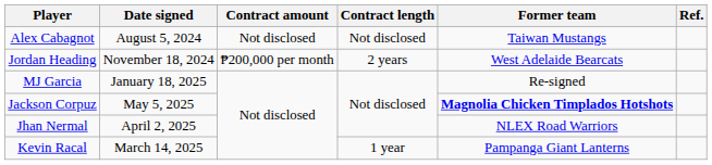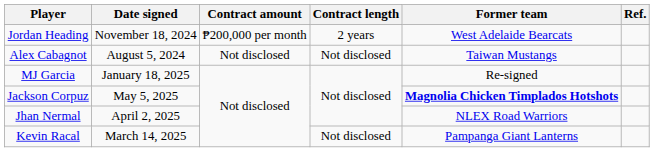 <table class="wikitable sortable sortable">
 <tr>
 <th>Player</th>
 <th>Date signed</th>
 <th>Contract amount</th>
 <th>Contract length</th>
 <th>Former team</th>
 <th>Ref.</th>
 </tr>
 <tr>
+<td align=center><a href='#'>Jordan Heading</a></td>
+<td align=center>November 18, 2024</td>
+<td align=center>₱200,000 per month</td>
+<td align=center>2 years</td>
+<td align=center><a href='#'>West Adelaide Bearcats</a> </td>
+<td align=center></td>
+</tr>
+<tr>
 <td align=center><a href='#'>Alex Cabagnot</a></td>
 <td align=center>August 5, 2024</td>
 <td align=center>Not disclosed</td>
 <td align=center>Not disclosed</td>
 <td align=center><a href='#'>Taiwan Mustangs</a> </td>
-<td align=center></td>
-</tr>
-<tr>
-<td align=center><a href='#'>Jordan Heading</a></td>
-<td align=center>November 18, 2024</td>
-<td align=center>₱200,000 per month</td>
-<td align=center>2 years</td>
-<td align=center><a href='#'>West Adelaide Bearcats</a> </td>
 <td align=center></td>
 </tr>
 <tr>
 <td align=center><a href='#'>MJ Garcia</a></td>
 <td align=center>January 18, 2025</td>
 <td align=center rowspan=4>Not disclosed</td>
 <td align=center rowspan=3>Not disclosed</td>
 <td align=center>Re-signed</td>
 <td align=center></td>
 </tr>
 <tr>
 <td align=center><a href='#'>Jackson Corpuz</a></td>
 <td align=center>May 5, 2025</td>
 <td align=center><strong><a href='#'>Magnolia Chicken Timplados Hotshots</a></strong></td>
 <td align=center></td>
 </tr>
 <tr>
 <td align=center><a href='#'>Jhan Nermal</a></td>
 <td align=center>April 2, 2025</td>
 <td align=center><a href='#'>NLEX Road Warriors</a></td>
 <td align=center></td>
 </tr>
 <tr>
 <td align=center><a href='#'>Kevin Racal</a></td>
 <td align=center>March 14, 2025</td>
-<td align=center>1 year</td>
+<td align=center>Not disclosed</td>
 <td align=center><a href='#'>Pampanga Giant Lanterns</a> </td>
 <td align=center></td>
 </tr>
 </table>
